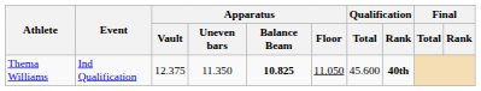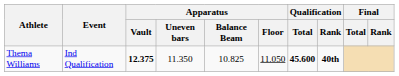 <table class="wikitable" style="font-size:90%">
 <tr>
 <th rowspan="2">Athlete</th>
 <th rowspan="2">Event</th>
 <th colspan = "4">Apparatus</th>
 <th colspan = "2">Qualification</th>
 <th colspan = "2">Final</th>
 </tr>
 <tr>
 <th>Vault</th>
 <th>Uneven bars</th>
 <th>Balance Beam</th>
 <th>Floor</th>
 <th>Total</th>
 <th>Rank</th>
 <th>Total</th>
 <th>Rank</th>
 </tr>
 <tr>
 <td><a href='#'>Thema Williams</a></td>
 <td><a href='#'>Ind Qualification</a></td>
-<td align=center>12.375</td>
+<td align=center><strong>12.375</strong></td>
 <td align=center>11.350</td>
-<td align=center><strong>10.825</strong></td>
+<td align=center>10.825</td>
 <td align=center><u>11.050</u></td>
-<td align=center>45.600</td>
+<td align=center><strong>45.600</strong></td>
 <td align=center><strong>40th</strong></td>
 <td align=center colspan=2 bgcolor=wheat></td>
 </tr>
 </table>
